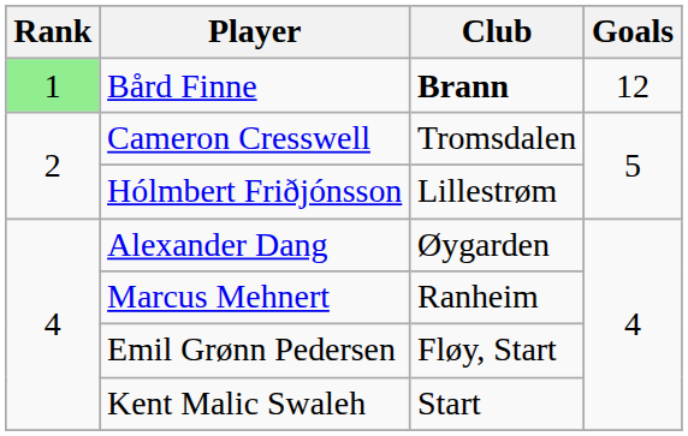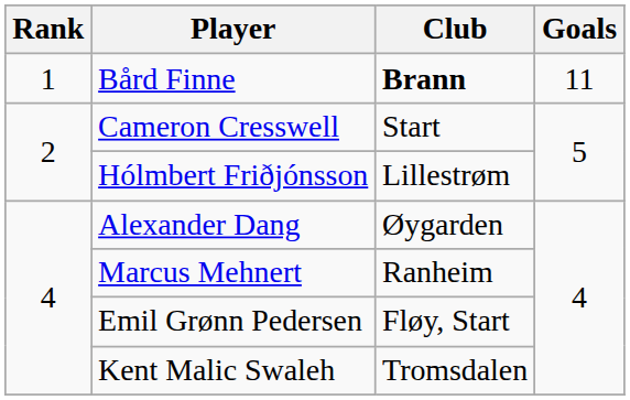 <table class="wikitable" style="text-align:center">
 <tr>
 <th>Rank</th>
 <th>Player</th>
 <th>Club</th>
 <th>Goals</th>
 </tr>
 <tr>
-<td rowspan="1" style="background: lightgreen;">1</td>
+<td rowspan="1">1</td>
 <td align=left> <a href='#'>Bård Finne</a></td>
 <td align=left><strong>Brann</strong></td>
-<td rowspan="1">12</td>
+<td rowspan="1">11</td>
 </tr>
 <tr>
 <td rowspan="2">2</td>
 <td align=left> <a href='#'>Cameron Cresswell</a></td>
-<td align=left>Tromsdalen</td>
+<td align=left>Start</td>
 <td rowspan="2">5</td>
 </tr>
 <tr>
 <td align=left> <a href='#'>Hólmbert Friðjónsson</a></td>
 <td align=left>Lillestrøm</td>
 </tr>
 <tr>
 <td rowspan="4">4</td>
 <td align=left> <a href='#'>Alexander Dang</a></td>
 <td align=left>Øygarden</td>
 <td rowspan="4">4</td>
 </tr>
 <tr>
 <td align=left> <a href='#'>Marcus Mehnert</a></td>
 <td align=left>Ranheim</td>
 </tr>
 <tr>
 <td align=left> Emil Grønn Pedersen</td>
 <td align=left>Fløy, Start</td>
 </tr>
 <tr>
 <td align=left> Kent Malic Swaleh</td>
-<td align=left>Start</td>
+<td align=left>Tromsdalen</td>
 </tr>
 </table>
